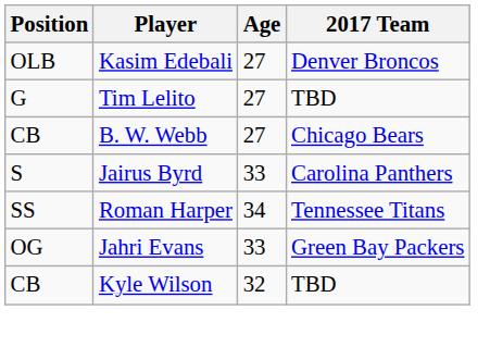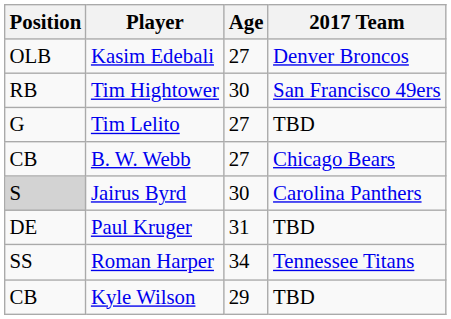 <table class="wikitable" style="font-size: 95%; text-align: left">
 <tr>
 <th>Position</th>
 <th>Player</th>
 <th>Age</th>
 <th>2017 Team</th>
 </tr>
 <tr>
 <td>OLB</td>
 <td><a href='#'>Kasim Edebali</a></td>
 <td>27</td>
 <td><a href='#'>Denver Broncos</a></td>
 </tr>
 <tr>
+<td>RB</td>
+<td><a href='#'>Tim Hightower</a></td>
+<td>30</td>
+<td><a href='#'>San Francisco 49ers</a></td>
+</tr>
+<tr>
 <td>G</td>
 <td><a href='#'>Tim Lelito</a></td>
 <td>27</td>
 <td>TBD</td>
 </tr>
 <tr>
 <td>CB</td>
 <td><a href='#'>B. W. Webb</a></td>
 <td>27</td>
 <td><a href='#'>Chicago Bears</a></td>
 </tr>
 <tr>
-<td>S</td>
+<td style="background: lightgrey;">S</td>
 <td><a href='#'>Jairus Byrd</a></td>
-<td>33</td>
+<td>30</td>
 <td><a href='#'>Carolina Panthers</a></td>
+</tr>
+<tr>
+<td>DE</td>
+<td><a href='#'>Paul Kruger</a></td>
+<td>31</td>
+<td>TBD</td>
 </tr>
 <tr>
 <td>SS</td>
 <td><a href='#'>Roman Harper</a></td>
 <td>34</td>
 <td><a href='#'>Tennessee Titans</a></td>
 </tr>
 <tr>
-<td>OG</td>
-<td><a href='#'>Jahri Evans</a></td>
-<td>33</td>
-<td><a href='#'>Green Bay Packers</a></td>
-</tr>
-<tr>
 <td>CB</td>
 <td><a href='#'>Kyle Wilson</a></td>
-<td>32</td>
+<td>29</td>
 <td>TBD</td>
 </tr>
 </table>
